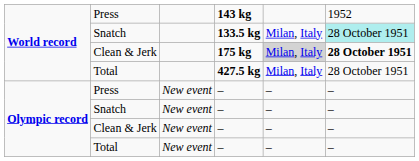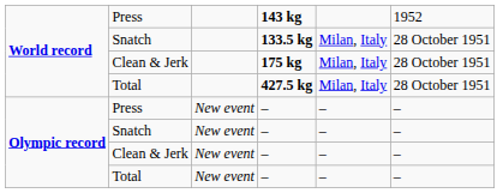 <table class="wikitable">
 <tr>
 <td rowspan=4><strong><a href='#'>World record</a></strong></td>
 <td>Press</td>
 <td></td>
 <td><strong>143 kg</strong></td>
 <td></td>
 <td>1952</td>
 </tr>
 <tr>
 <td>Snatch</td>
 <td></td>
 <td><strong>133.5 kg</strong></td>
 <td><a href='#'>Milan</a>, <a href='#'>Italy</a></td>
-<td style="background: paleturquoise;">28 October 1951</td>
+<td>28 October 1951</td>
 </tr>
 <tr>
 <td>Clean & Jerk</td>
 <td></td>
 <td><strong>175 kg</strong></td>
-<td style="background: lightgrey;"><a href='#'>Milan</a>, <a href='#'>Italy</a></td>
-<td><strong>28 October 1951</strong></td>
+<td><a href='#'>Milan</a>, <a href='#'>Italy</a></td>
+<td>28 October 1951</td>
 </tr>
 <tr>
 <td>Total</td>
 <td></td>
 <td><strong>427.5 kg</strong></td>
 <td><a href='#'>Milan</a>, <a href='#'>Italy</a></td>
 <td>28 October 1951</td>
 </tr>
 <tr>
 <td rowspan=4><strong><a href='#'>Olympic record</a></strong></td>
 <td>Press</td>
 <td><em>New event</em></td>
 <td>–</td>
 <td>–</td>
 <td>–</td>
 </tr>
 <tr>
 <td>Snatch</td>
 <td><em>New event</em></td>
 <td>–</td>
 <td>–</td>
 <td>–</td>
 </tr>
 <tr>
 <td>Clean & Jerk</td>
 <td><em>New event</em></td>
 <td>–</td>
 <td>–</td>
 <td>–</td>
 </tr>
 <tr>
 <td>Total</td>
 <td><em>New event</em></td>
 <td>–</td>
 <td>–</td>
 <td>–</td>
 </tr>
 </table>
